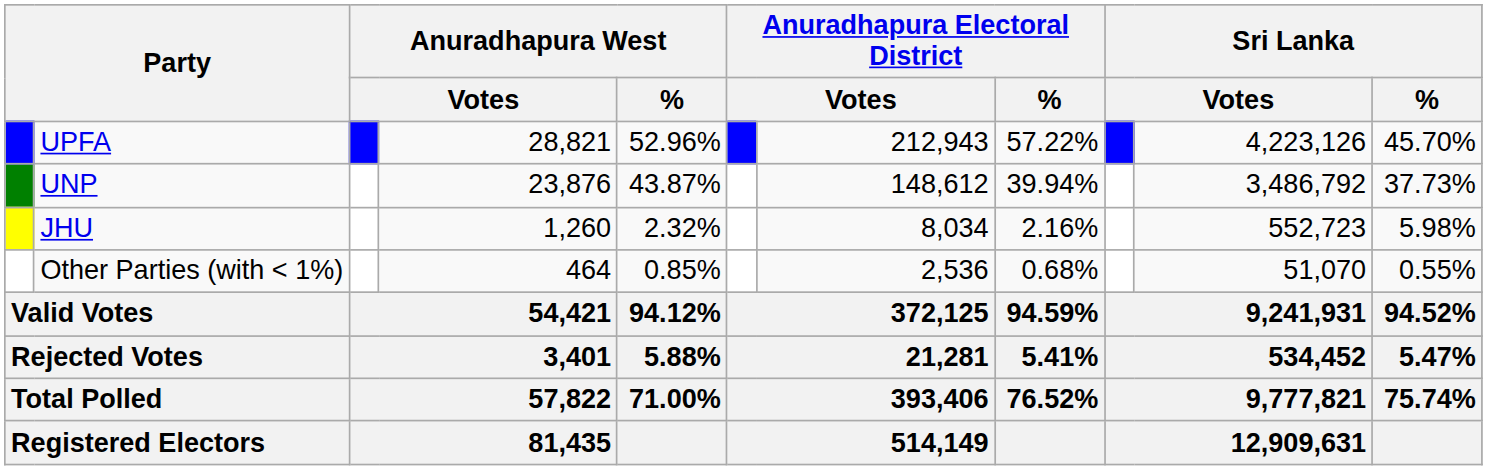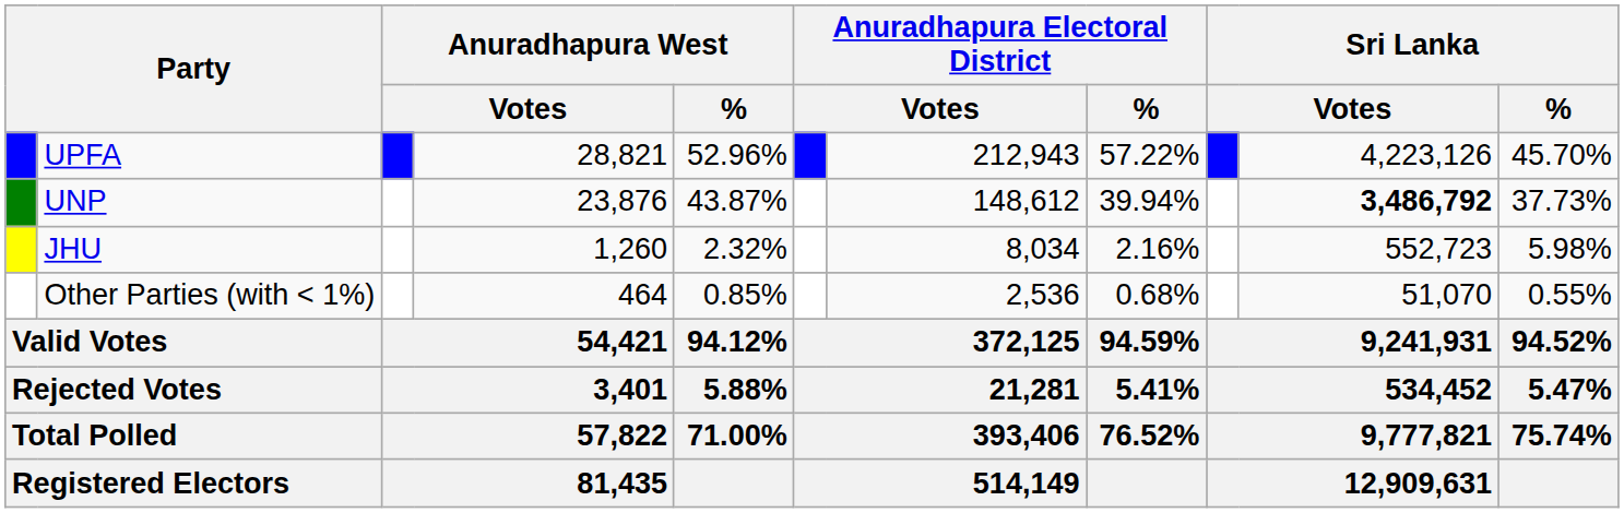 <table class="wikitable">
 <tr>
 <th colspan="2" width="144px"rowspan="2">Party</th>
 <th colspan="3" width="216px">Anuradhapura West</th>
 <th colspan="3" width="216px"><a href='#'>Anuradhapura Electoral District</a></th>
 <th colspan="3" width="216px">Sri Lanka</th>
 </tr>
 <tr>
 <th colspan="2" width="144px">Votes</th>
 <th>%</th>
 <th colspan="2" width="144px">Votes</th>
 <th>%</th>
 <th colspan="2" width="144px">Votes</th>
 <th>%</th>
 </tr>
 <tr>
 <td style="background-color:blue;" width="10px"></td>
 <td style="text-align:left;"><a href='#'>UPFA</a></td>
 <td style="background-color:blue;" width="10px"></td>
 <td style="text-align:right;">28,821</td>
 <td style="text-align:right;">52.96%</td>
 <td style="background-color:blue;" width="10px"></td>
 <td style="text-align:right;">212,943</td>
 <td style="text-align:right;">57.22%</td>
 <td style="background-color:blue;" width="10px"></td>
 <td style="text-align:right;">4,223,126</td>
 <td style="text-align:right;">45.70%</td>
 </tr>
 <tr>
 <td style="background-color:green;" width="10px"></td>
 <td style="text-align:left;"><a href='#'>UNP</a></td>
 <td style="background-color:white;" width="10px"></td>
 <td style="text-align:right;">23,876</td>
 <td style="text-align:right;">43.87%</td>
 <td style="background-color:white;" width="10px"></td>
 <td style="text-align:right;">148,612</td>
 <td style="text-align:right;">39.94%</td>
 <td style="background-color:white;" width="10px"></td>
-<td style="text-align:right;">3,486,792</td>
+<td style="text-align:right;"><strong>3,486,792</strong></td>
 <td style="text-align:right;">37.73%</td>
 </tr>
 <tr>
 <td style="background-color:yellow;" width="10px"></td>
 <td style="text-align:left;"><a href='#'>JHU</a></td>
 <td style="background-color:white;" width="10px"></td>
 <td style="text-align:right;">1,260</td>
 <td style="text-align:right;">2.32%</td>
 <td style="background-color:white;" width="10px"></td>
 <td style="text-align:right;">8,034</td>
 <td style="text-align:right;">2.16%</td>
 <td style="background-color:white;" width="10px"></td>
 <td style="text-align:right;">552,723</td>
 <td style="text-align:right;">5.98%</td>
 </tr>
 <tr>
 <td style="background-color:white;" width="10px"></td>
 <td style="text-align:left;">Other Parties (with < 1%)</td>
 <td style="background-color:white;" width="10px"></td>
 <td style="text-align:right;">464</td>
 <td style="text-align:right;">0.85%</td>
 <td style="background-color:white;" width="10px"></td>
 <td style="text-align:right;">2,536</td>
 <td style="text-align:right;">0.68%</td>
 <td style="background-color:white;" width="10px"></td>
 <td style="text-align:right;">51,070</td>
 <td style="text-align:right;">0.55%</td>
 </tr>
 <tr>
 <th colspan="2" width="144px"style="text-align:left;">Valid Votes</th>
 <th style="text-align:right;"colspan="2" width="144px">54,421</th>
 <th style="text-align:right;">94.12%</th>
 <th style="text-align:right;"colspan="2" width="144px">372,125</th>
 <th style="text-align:right;">94.59%</th>
 <th style="text-align:right;"colspan="2" width="144px">9,241,931</th>
 <th style="text-align:right;">94.52%</th>
 </tr>
 <tr>
 <th colspan="2" width="144px"style="text-align:left;">Rejected Votes</th>
 <th style="text-align:right;"colspan="2" width="144px">3,401</th>
 <th style="text-align:right;">5.88%</th>
 <th style="text-align:right;"colspan="2" width="144px">21,281</th>
 <th style="text-align:right;">5.41%</th>
 <th style="text-align:right;"colspan="2" width="144px">534,452</th>
 <th style="text-align:right;">5.47%</th>
 </tr>
 <tr>
 <th colspan="2" width="144px"style="text-align:left;">Total Polled</th>
 <th style="text-align:right;"colspan="2" width="144px">57,822</th>
 <th style="text-align:right;">71.00%</th>
 <th style="text-align:right;"colspan="2" width="144px">393,406</th>
 <th style="text-align:right;">76.52%</th>
 <th style="text-align:right;"colspan="2" width="144px">9,777,821</th>
 <th style="text-align:right;">75.74%</th>
 </tr>
 <tr>
 <th colspan="2" width="144px"style="text-align:left;">Registered Electors</th>
 <th style="text-align:right;"colspan="2" width="144px">81,435</th>
 <th></th>
 <th style="text-align:right;"colspan="2" width="144px">514,149</th>
 <th></th>
 <th style="text-align:right;"colspan="2" width="144px">12,909,631</th>
 <th></th>
 </tr>
 </table>
